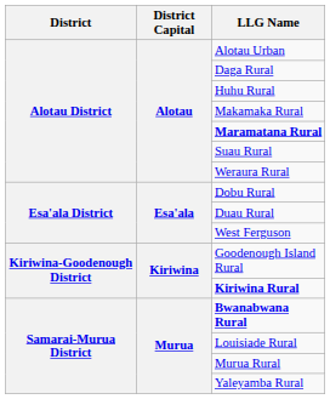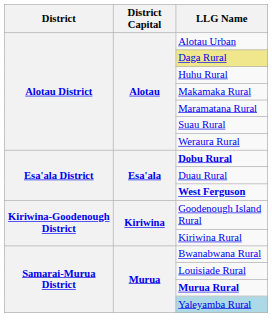 <table class="wikitable" style="text-align: left;" width="400">
 <tr>
 <th>District</th>
 <th>District Capital</th>
 <th>LLG Name</th>
 </tr>
 <tr>
 <th rowspan="7"><a href='#'>Alotau District</a></th>
 <th rowspan="7"><a href='#'>Alotau</a></th>
 <td><a href='#'>Alotau Urban</a></td>
 </tr>
 <tr>
-<td><a href='#'>Daga Rural</a></td>
+<td style="background: khaki;"><a href='#'>Daga Rural</a></td>
 </tr>
 <tr>
 <td><a href='#'>Huhu Rural</a></td>
 </tr>
 <tr>
 <td><a href='#'>Makamaka Rural</a></td>
 </tr>
 <tr>
-<td><strong><a href='#'>Maramatana Rural</a></strong></td>
+<td><a href='#'>Maramatana Rural</a></td>
 </tr>
 <tr>
 <td><a href='#'>Suau Rural</a></td>
 </tr>
 <tr>
 <td><a href='#'>Weraura Rural</a></td>
 </tr>
 <tr>
 <th rowspan="3"><a href='#'>Esa'ala District</a></th>
 <th rowspan="3"><a href='#'>Esa'ala</a></th>
-<td><a href='#'>Dobu Rural</a></td>
+<td><strong><a href='#'>Dobu Rural</a></strong></td>
 </tr>
 <tr>
 <td><a href='#'>Duau Rural</a></td>
 </tr>
 <tr>
-<td><a href='#'>West Ferguson</a></td>
+<td><strong><a href='#'>West Ferguson</a></strong></td>
 </tr>
 <tr>
 <th rowspan="2"><a href='#'>Kiriwina-Goodenough District</a></th>
 <th rowspan="2"><a href='#'>Kiriwina</a></th>
 <td><a href='#'>Goodenough Island Rural</a></td>
 </tr>
 <tr>
-<td><strong><a href='#'>Kiriwina Rural</a></strong></td>
+<td><a href='#'>Kiriwina Rural</a></td>
 </tr>
 <tr>
 <th rowspan="4"><a href='#'>Samarai-Murua District</a></th>
 <th rowspan="4"><a href='#'>Murua</a></th>
-<td><strong><a href='#'>Bwanabwana Rural</a></strong></td>
+<td><a href='#'>Bwanabwana Rural</a></td>
 </tr>
 <tr>
 <td><a href='#'>Louisiade Rural</a></td>
 </tr>
 <tr>
-<td><a href='#'>Murua Rural</a></td>
+<td><strong><a href='#'>Murua Rural</a></strong></td>
 </tr>
 <tr>
-<td><a href='#'>Yaleyamba Rural</a></td>
+<td style="background: lightblue;"><a href='#'>Yaleyamba Rural</a></td>
 </tr>
 </table>
